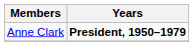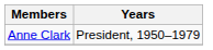 <table class="wikitable collapsible">
 <tr>
 <th>Members</th>
 <th>Years</th>
 </tr>
 <tr>
 <td><a href='#'>Anne Clark</a></td>
-<td><strong>President, 1950–1979</strong></td>
+<td>President, 1950–1979</td>
 </tr>
 <tr>
 </tr>
 </table>
